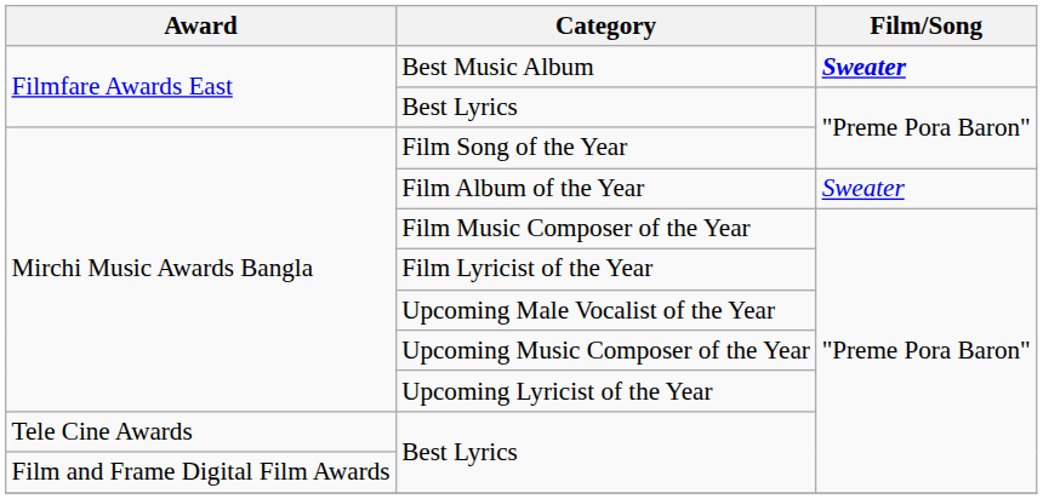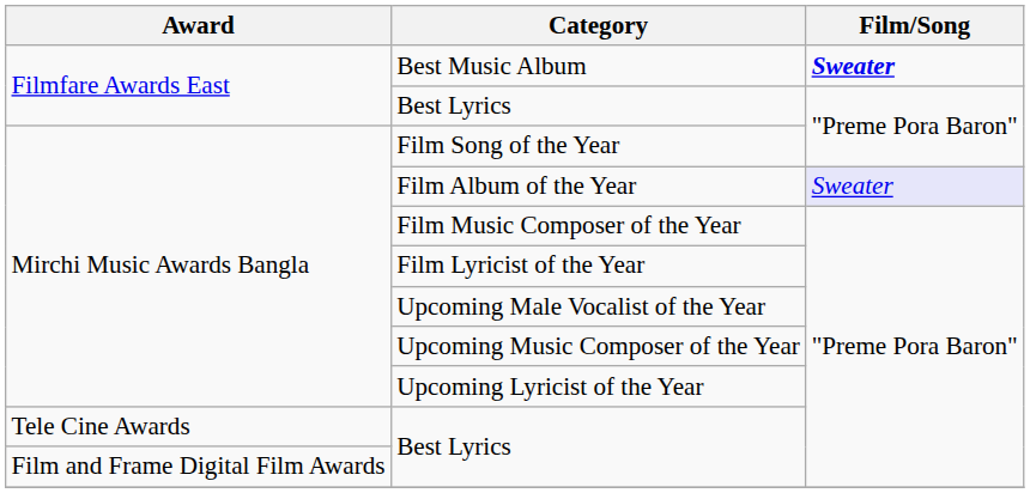 <table class="wikitable">
 <tr>
 <th>Award</th>
 <th>Category</th>
 <th>Film/Song</th>
 </tr>
 <tr>
 <td rowspan = "2"><a href='#'>Filmfare Awards East</a></td>
 <td>Best Music Album</td>
 <td><strong><em><a href='#'>Sweater</a></em></strong></td>
 </tr>
 <tr>
 <td>Best Lyrics</td>
 <td rowspan = "2">"Preme Pora Baron"</td>
 </tr>
 <tr>
 <td rowspan = "7">Mirchi Music Awards Bangla</td>
 <td>Film Song of the Year </td>
 </tr>
 <tr>
 <td>Film Album of the Year</td>
-<td><em><a href='#'>Sweater</a></em></td>
+<td style="background: lavender;"><em><a href='#'>Sweater</a></em></td>
 </tr>
 <tr>
 <td>Film Music Composer of the Year</td>
 <td rowspan = "7">"Preme Pora Baron"</td>
 </tr>
 <tr>
 <td>Film Lyricist of the Year</td>
 </tr>
 <tr>
 <td>Upcoming Male Vocalist of the Year</td>
 </tr>
 <tr>
 <td>Upcoming Music Composer of the Year</td>
 </tr>
 <tr>
 <td>Upcoming Lyricist of the Year</td>
 </tr>
 <tr>
 <td>Tele Cine Awards</td>
 <td rowspan = "2">Best Lyrics</td>
 </tr>
 <tr>
 <td>Film and Frame Digital Film Awards</td>
 </tr>
 <tr>
 </tr>
 </table>
